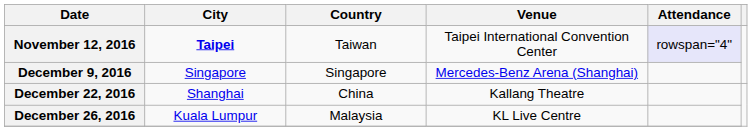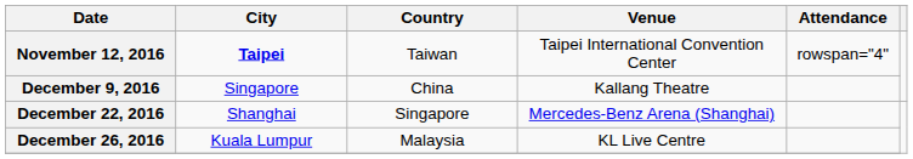 <table class="wikitable sortable plainrowheaders" style="text-align:center;">
 <tr>
 <th style="width:10em;">Date</th>
 <th style="width:10em;">City</th>
 <th style="width:10em;">Country</th>
 <th style="width:16em;">Venue</th>
 <th style="width:6.5em;">Attendance</th>
 <th scope="col" class="unsortable"></th>
 </tr>
 <tr>
 <th scope="row" style="text-align:center">November 12, 2016</th>
 <td><strong><a href='#'>Taipei</a></strong></td>
 <td>Taiwan</td>
 <td>Taipei International Convention Center</td>
-<td style="background: lavender;">rowspan="4" </td>
+<td>rowspan="4" </td>
 <td rowspan="2"></td>
 </tr>
 <tr>
 <th scope="row" style="text-align:center">December 9, 2016</th>
 <td><a href='#'>Singapore</a></td>
-<td>Singapore</td>
-<td><a href='#'>Mercedes-Benz Arena (Shanghai)</a></td>
+<td>China</td>
+<td>Kallang Theatre</td>
 </tr>
 <tr>
 <th scope="row" style="text-align:center">December 22, 2016</th>
 <td><a href='#'>Shanghai</a></td>
-<td>China</td>
-<td>Kallang Theatre</td>
+<td>Singapore</td>
+<td><a href='#'>Mercedes-Benz Arena (Shanghai)</a></td>
 <td></td>
 </tr>
 <tr>
 <th scope="row" style="text-align:center">December 26, 2016</th>
 <td><a href='#'>Kuala Lumpur</a></td>
 <td>Malaysia</td>
 <td>KL Live Centre</td>
 <td></td>
 </tr>
 <tr>
 </tr>
 </table>
